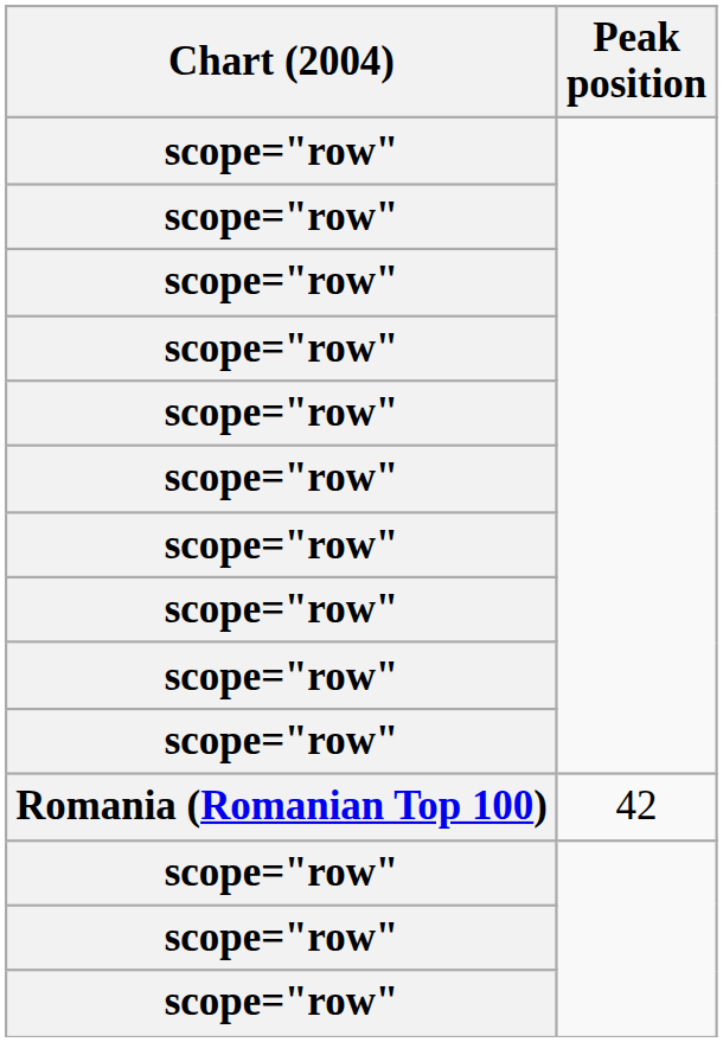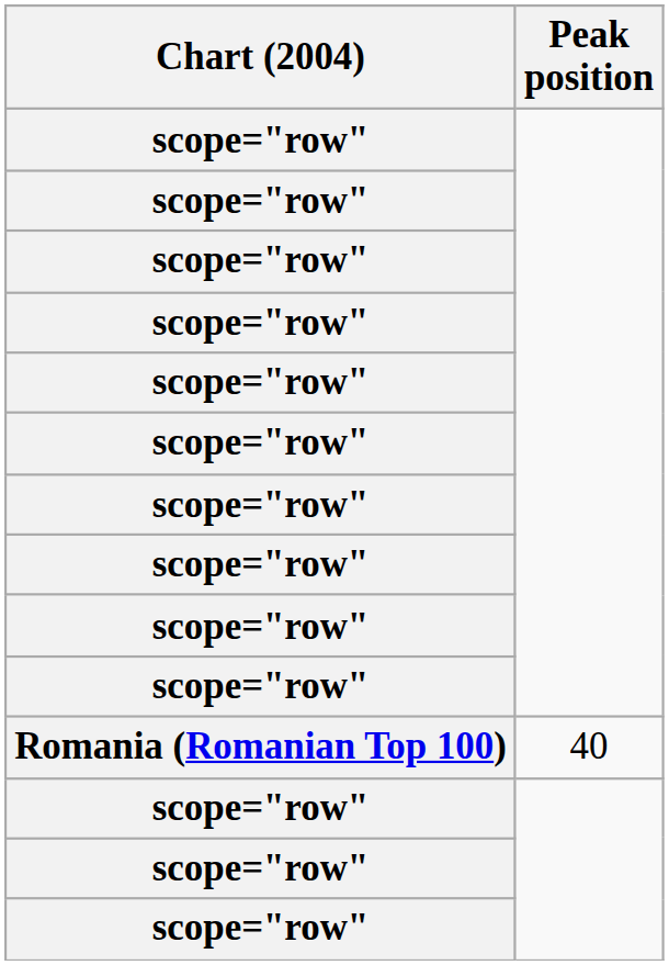 <table class="wikitable sortable plainrowheaders" style="text-align:center">
 <tr>
 <th scope="col">Chart (2004)</th>
 <th scope="col">Peak<br>position</th>
 </tr>
 <tr>
 <th>scope="row"</th>
 </tr>
 <tr>
 <th>scope="row"</th>
 </tr>
 <tr>
 <th>scope="row"</th>
 </tr>
 <tr>
 <th>scope="row"</th>
 </tr>
 <tr>
 <th>scope="row"</th>
 </tr>
 <tr>
 <th>scope="row"</th>
 </tr>
 <tr>
 <th>scope="row"</th>
 </tr>
 <tr>
 <th>scope="row"</th>
 </tr>
 <tr>
 <th>scope="row"</th>
 </tr>
 <tr>
 <th>scope="row"</th>
 </tr>
 <tr>
 <th scope="row">Romania (<a href='#'>Romanian Top 100</a>)</th>
-<td>42</td>
+<td>40</td>
 </tr>
 <tr>
 <th>scope="row"</th>
 </tr>
 <tr>
 <th>scope="row"</th>
 </tr>
 <tr>
 <th>scope="row"</th>
 </tr>
 </table>
